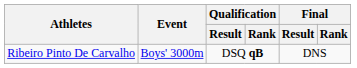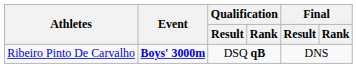 <table class="wikitable" border="1" style="font-size:90%">
 <tr>
 <th rowspan=2>Athletes</th>
 <th rowspan=2>Event</th>
 <th colspan=2>Qualification</th>
 <th colspan=2>Final</th>
 </tr>
 <tr>
 <th>Result</th>
 <th>Rank</th>
 <th>Result</th>
 <th>Rank</th>
 </tr>
 <tr>
 <td><a href='#'>Ribeiro Pinto De Carvalho</a></td>
-<td><a href='#'>Boys' 3000m</a></td>
+<td><strong><a href='#'>Boys' 3000m</a></strong></td>
 <td align=center colspan="2">DSQ <strong>qB</strong></td>
 <td align=center colspan="2">DNS</td>
 </tr>
 </table>
